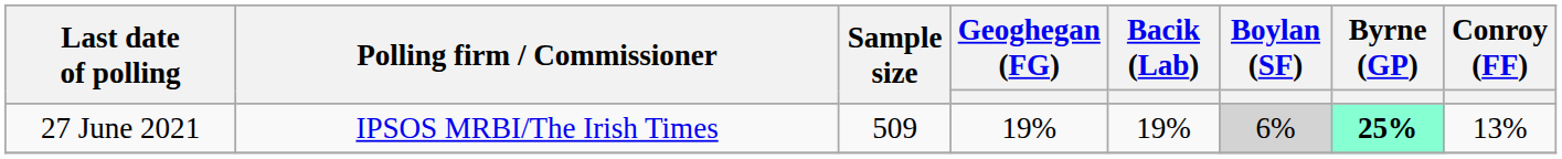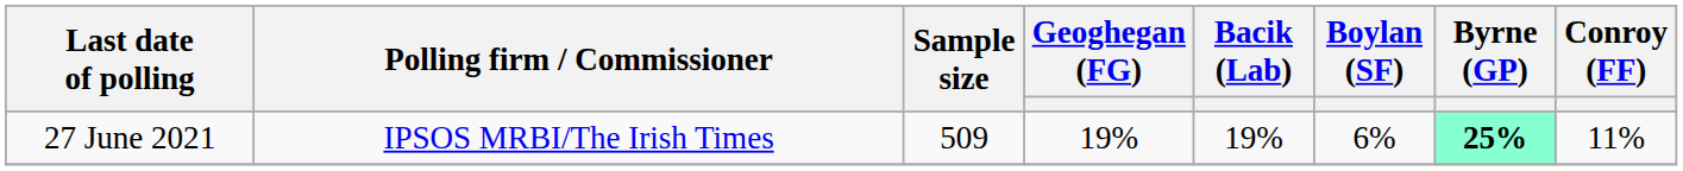 <table class="wikitable sortable collapsible" style="text-align:center;font-size:95%;">
 <tr style="height:42px;">
 <th rowspan="2" style="width:110px;">Last date<br>of polling</th>
 <th rowspan="2" style="width:300px;">Polling firm / Commissioner</th>
 <th rowspan="2" class="unsortable" style="width:50px;">Sample<br>size</th>
 <th class="unsortable" style="width:50px;"><a href='#'>Geoghegan</a> (<a href='#'>FG</a>)</th>
 <th class="unsortable" style="width:50px;"><a href='#'>Bacik</a> (<a href='#'>Lab</a>)</th>
 <th class="unsortable" style="width:50px;"><a href='#'>Boylan</a> (<a href='#'>SF</a>)</th>
 <th class="unsortable" style="width:50px;">Byrne (<a href='#'>GP</a>)</th>
 <th class="unsortable" style="width:50px;">Conroy (<a href='#'>FF</a>)</th>
 </tr>
 <tr>
 <th style="color:inherit;background:"></th>
 <th style="color:inherit;background:"></th>
 <th style="color:inherit;background:"></th>
 <th style="color:inherit;background:"></th>
 <th style="color:inherit;background:"></th>
 </tr>
 <tr>
 <td>27 June 2021</td>
 <td data-sort-value="RedC1"><a href='#'>IPSOS MRBI/The Irish Times</a></td>
 <td>509</td>
 <td>19%</td>
 <td>19%</td>
-<td style="background: lightgrey;">6%</td>
+<td>6%</td>
 <td style="background:#86ffd3"><strong>25%</strong></td>
-<td>13%</td>
+<td>11%</td>
 </tr>
 <tr>
 </tr>
 </table>
